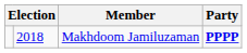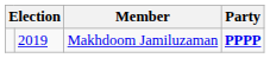 <table class="wikitable">
 <tr>
 <th colspan="2">Election</th>
 <th>Member</th>
 <th>Party</th>
 </tr>
 <tr>
 <td style="background-color: "></td>
-<td><a href='#'>2018</a></td>
+<td><a href='#'>2019</a></td>
 <td><a href='#'>Makhdoom Jamiluzaman</a></td>
 <td><strong><a href='#'>PPPP</a></strong></td>
 </tr>
 </table>
